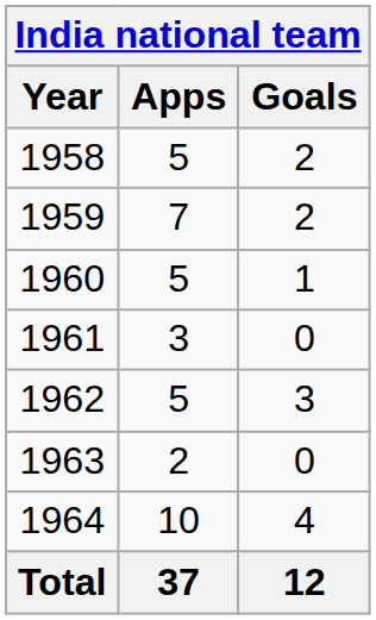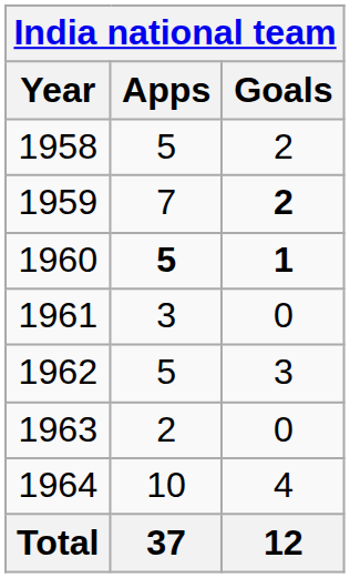 <table class="wikitable" style="text-align:center">
 <tr>
 <th colspan=3><a href='#'>India national team</a></th>
 </tr>
 <tr>
 <th>Year</th>
 <th>Apps</th>
 <th>Goals</th>
 </tr>
 <tr>
 <td>1958</td>
 <td>5</td>
 <td>2</td>
 </tr>
 <tr>
 <td>1959</td>
 <td>7</td>
-<td>2</td>
+<td><strong>2</strong></td>
 </tr>
 <tr>
 <td>1960</td>
-<td>5</td>
-<td>1</td>
+<td><strong>5</strong></td>
+<td><strong>1</strong></td>
 </tr>
 <tr>
 <td>1961</td>
 <td>3</td>
 <td>0</td>
 </tr>
 <tr>
 <td>1962</td>
 <td>5</td>
 <td>3</td>
 </tr>
 <tr>
 <td>1963</td>
 <td>2</td>
 <td>0</td>
 </tr>
 <tr>
 <td>1964</td>
 <td>10</td>
 <td>4</td>
 </tr>
 <tr>
 <th>Total</th>
 <th>37</th>
 <th>12</th>
 </tr>
 </table>
